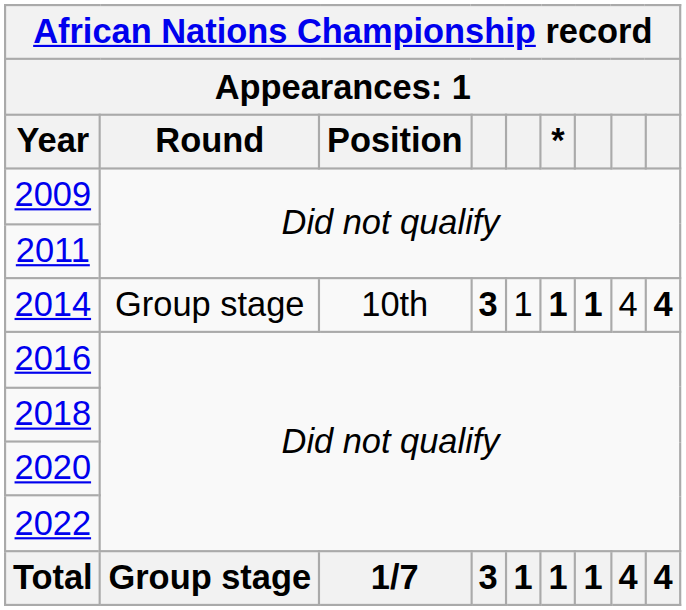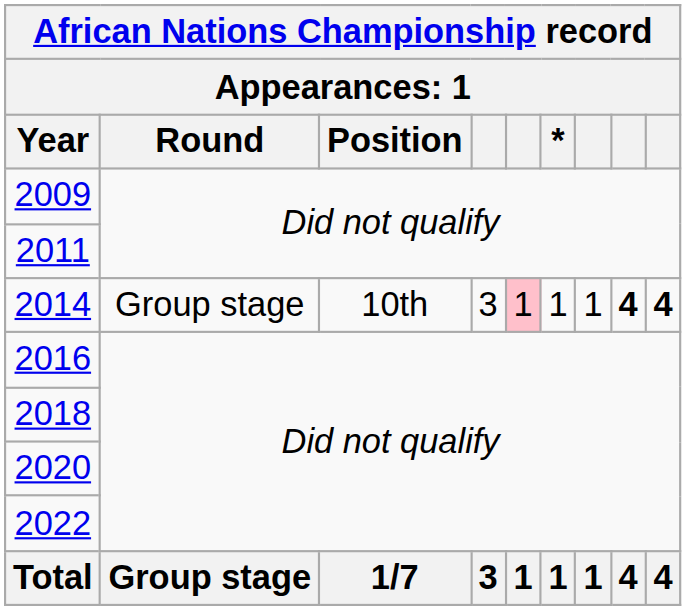 <table class="wikitable" style="text-align: center;">
 <tr>
 <th colspan=9><a href='#'>African Nations Championship</a> record</th>
 </tr>
 <tr>
 <th colspan=9>Appearances: 1</th>
 </tr>
 <tr>
 <th>Year</th>
 <th>Round</th>
 <th>Position</th>
 <th></th>
 <th></th>
 <th>*</th>
 <th></th>
 <th></th>
 <th></th>
 </tr>
 <tr>
 <td> <a href='#'>2009</a></td>
 <td rowspan=2 colspan="8"><em>Did not qualify</em></td>
 </tr>
 <tr>
 <td> <a href='#'>2011</a></td>
 </tr>
 <tr>
 <td> <a href='#'>2014</a></td>
 <td>Group stage</td>
 <td>10th</td>
-<td><strong>3</strong></td>
+<td>3</td>
+<td style="background: pink;">1</td>
 <td>1</td>
-<td><strong>1</strong></td>
-<td><strong>1</strong></td>
-<td>4</td>
+<td>1</td>
+<td><strong>4</strong></td>
 <td><strong>4</strong></td>
 </tr>
 <tr>
 <td> <a href='#'>2016</a></td>
 <td rowspan=4 colspan="8"><em>Did not qualify</em></td>
 </tr>
 <tr>
 <td> <a href='#'>2018</a></td>
 </tr>
 <tr>
 <td> <a href='#'>2020</a></td>
 </tr>
 <tr>
 <td> <a href='#'>2022</a></td>
 </tr>
 <tr>
 <th>Total</th>
 <th>Group stage</th>
 <th>1/7</th>
 <th>3</th>
 <th>1</th>
 <th>1</th>
 <th>1</th>
 <th>4</th>
 <th>4</th>
 </tr>
 </table>
